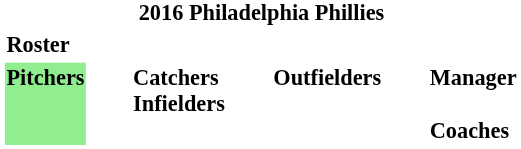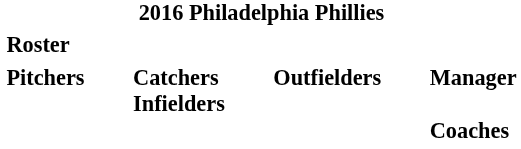 <table class="toccolours" style="font-size: 95%;">
 <tr>
 <th colspan="10" style=>2016 Philadelphia Phillies</th>
 </tr>
 <tr>
 <td colspan="7"><strong>Roster</strong></td>
 </tr>
 <tr>
-<td valign="top" style="background: lightgreen;"><strong>Pitchers</strong><br>                          </td>
+<td valign="top"><strong>Pitchers</strong><br>                          </td>
 <td style="width:25px;"></td>
 <td valign="top"><strong>Catchers</strong><br>    <strong>Infielders</strong>         </td>
 <td style="width:25px;"></td>
 <td valign="top"><strong>Outfielders</strong><br>        </td>
 <td style="width:25px;"></td>
 <td valign="top"><strong>Manager</strong><br><br><strong>Coaches</strong>                  </td>
 </tr>
 </table>
